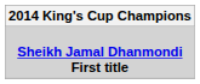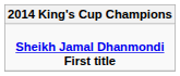 <table class="wikitable" style="text-align: center; margin: 0 auto;">
 <tr>
 <th>2014 King's Cup Champions</th>
 </tr>
 <tr>
-<td style="background: lightgrey;"> <br> <strong><a href='#'>Sheikh Jamal Dhanmondi</a></strong> <br> <strong>First title</strong></td>
+<td> <br> <strong><a href='#'>Sheikh Jamal Dhanmondi</a></strong> <br> <strong>First title</strong></td>
 </tr>
 <tr>
 </tr>
 </table>
